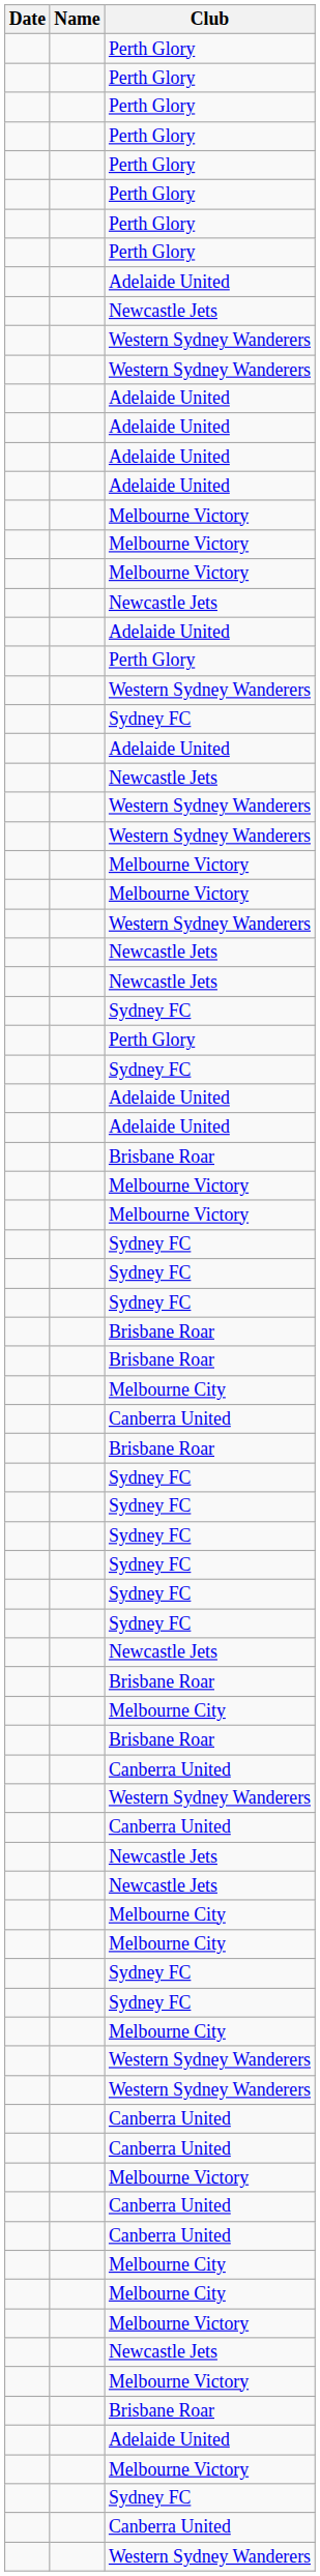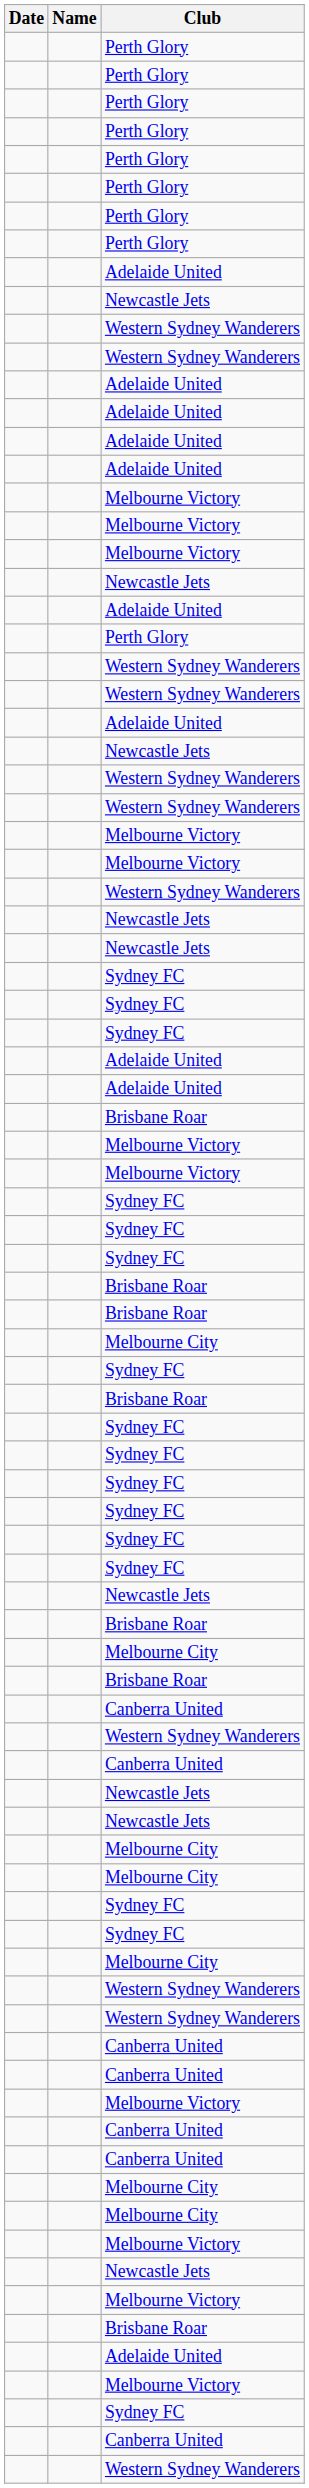 <table class="wikitable sortable">
 <tr>
 <th>Date</th>
 <th>Name</th>
 <th>Club</th>
 </tr>
 <tr>
 <td></td>
 <td></td>
 <td><a href='#'>Perth Glory</a></td>
 </tr>
 <tr>
 <td></td>
 <td></td>
 <td><a href='#'>Perth Glory</a></td>
 </tr>
 <tr>
 <td></td>
 <td></td>
 <td><a href='#'>Perth Glory</a></td>
 </tr>
 <tr>
 <td></td>
 <td></td>
 <td><a href='#'>Perth Glory</a></td>
 </tr>
 <tr>
 <td></td>
 <td></td>
 <td><a href='#'>Perth Glory</a></td>
 </tr>
 <tr>
 <td></td>
 <td></td>
 <td><a href='#'>Perth Glory</a></td>
 </tr>
 <tr>
 <td></td>
 <td></td>
 <td><a href='#'>Perth Glory</a></td>
 </tr>
 <tr>
 <td></td>
 <td></td>
 <td><a href='#'>Perth Glory</a></td>
 </tr>
 <tr>
 <td></td>
 <td></td>
 <td><a href='#'>Adelaide United</a></td>
 </tr>
 <tr>
 <td></td>
 <td></td>
 <td><a href='#'>Newcastle Jets</a></td>
 </tr>
 <tr>
 <td></td>
 <td></td>
 <td><a href='#'>Western Sydney Wanderers</a></td>
 </tr>
 <tr>
 <td></td>
 <td></td>
 <td><a href='#'>Western Sydney Wanderers</a></td>
 </tr>
 <tr>
 <td></td>
 <td></td>
 <td><a href='#'>Adelaide United</a></td>
 </tr>
 <tr>
 <td></td>
 <td></td>
 <td><a href='#'>Adelaide United</a></td>
 </tr>
 <tr>
 <td></td>
 <td></td>
 <td><a href='#'>Adelaide United</a></td>
 </tr>
 <tr>
 <td></td>
 <td></td>
 <td><a href='#'>Adelaide United</a></td>
 </tr>
 <tr>
 <td></td>
 <td></td>
 <td><a href='#'>Melbourne Victory</a></td>
 </tr>
 <tr>
 <td></td>
 <td></td>
 <td><a href='#'>Melbourne Victory</a></td>
 </tr>
 <tr>
 <td></td>
 <td></td>
 <td><a href='#'>Melbourne Victory</a></td>
 </tr>
 <tr>
 <td></td>
 <td></td>
 <td><a href='#'>Newcastle Jets</a></td>
 </tr>
 <tr>
 <td></td>
 <td></td>
 <td><a href='#'>Adelaide United</a></td>
 </tr>
 <tr>
 <td></td>
 <td></td>
 <td><a href='#'>Perth Glory</a></td>
 </tr>
 <tr>
 <td></td>
 <td></td>
 <td><a href='#'>Western Sydney Wanderers</a></td>
 </tr>
 <tr>
 <td></td>
 <td></td>
-<td><a href='#'>Sydney FC</a></td>
+<td><a href='#'>Western Sydney Wanderers</a></td>
 </tr>
 <tr>
 <td></td>
 <td></td>
 <td><a href='#'>Adelaide United</a></td>
 </tr>
 <tr>
 <td></td>
 <td></td>
 <td><a href='#'>Newcastle Jets</a></td>
 </tr>
 <tr>
 <td></td>
 <td></td>
 <td><a href='#'>Western Sydney Wanderers</a></td>
 </tr>
 <tr>
 <td></td>
 <td></td>
 <td><a href='#'>Western Sydney Wanderers</a></td>
 </tr>
 <tr>
 <td></td>
 <td></td>
 <td><a href='#'>Melbourne Victory</a></td>
 </tr>
 <tr>
 <td></td>
 <td></td>
 <td><a href='#'>Melbourne Victory</a></td>
 </tr>
 <tr>
 <td></td>
 <td></td>
 <td><a href='#'>Western Sydney Wanderers</a></td>
 </tr>
 <tr>
 <td></td>
 <td></td>
 <td><a href='#'>Newcastle Jets</a></td>
 </tr>
 <tr>
 <td></td>
 <td></td>
 <td><a href='#'>Newcastle Jets</a></td>
 </tr>
 <tr>
 <td></td>
 <td></td>
 <td><a href='#'>Sydney FC</a></td>
 </tr>
 <tr>
 <td></td>
 <td></td>
-<td><a href='#'>Perth Glory</a></td>
+<td><a href='#'>Sydney FC</a></td>
 </tr>
 <tr>
 <td></td>
 <td></td>
 <td><a href='#'>Sydney FC</a></td>
 </tr>
 <tr>
 <td></td>
 <td></td>
 <td><a href='#'>Adelaide United</a></td>
 </tr>
 <tr>
 <td></td>
 <td></td>
 <td><a href='#'>Adelaide United</a></td>
 </tr>
 <tr>
 <td></td>
 <td></td>
 <td><a href='#'>Brisbane Roar</a></td>
 </tr>
 <tr>
 <td></td>
 <td></td>
 <td><a href='#'>Melbourne Victory</a></td>
 </tr>
 <tr>
 <td></td>
 <td></td>
 <td><a href='#'>Melbourne Victory</a></td>
 </tr>
 <tr>
 <td></td>
 <td></td>
 <td><a href='#'>Sydney FC</a></td>
 </tr>
 <tr>
 <td></td>
 <td></td>
 <td><a href='#'>Sydney FC</a></td>
 </tr>
 <tr>
 <td></td>
 <td></td>
 <td><a href='#'>Sydney FC</a></td>
 </tr>
 <tr>
 <td></td>
 <td></td>
 <td><a href='#'>Brisbane Roar</a></td>
 </tr>
 <tr>
 <td></td>
 <td></td>
 <td><a href='#'>Brisbane Roar</a></td>
 </tr>
 <tr>
 <td></td>
 <td></td>
 <td><a href='#'>Melbourne City</a></td>
 </tr>
 <tr>
 <td></td>
 <td></td>
-<td><a href='#'>Canberra United</a></td>
+<td><a href='#'>Sydney FC</a></td>
 </tr>
 <tr>
 <td></td>
 <td></td>
 <td><a href='#'>Brisbane Roar</a></td>
 </tr>
 <tr>
 <td></td>
 <td></td>
 <td><a href='#'>Sydney FC</a></td>
 </tr>
 <tr>
 <td></td>
 <td></td>
 <td><a href='#'>Sydney FC</a></td>
 </tr>
 <tr>
 <td></td>
 <td></td>
 <td><a href='#'>Sydney FC</a></td>
 </tr>
 <tr>
 <td></td>
 <td></td>
 <td><a href='#'>Sydney FC</a></td>
 </tr>
 <tr>
 <td></td>
 <td></td>
 <td><a href='#'>Sydney FC</a></td>
 </tr>
 <tr>
 <td></td>
 <td></td>
 <td><a href='#'>Sydney FC</a></td>
 </tr>
 <tr>
 <td></td>
 <td></td>
 <td><a href='#'>Newcastle Jets</a></td>
 </tr>
 <tr>
 <td></td>
 <td></td>
 <td><a href='#'>Brisbane Roar</a></td>
 </tr>
 <tr>
 <td></td>
 <td></td>
 <td><a href='#'>Melbourne City</a></td>
 </tr>
 <tr>
 <td></td>
 <td></td>
 <td><a href='#'>Brisbane Roar</a></td>
 </tr>
 <tr>
 <td></td>
 <td></td>
 <td><a href='#'>Canberra United</a></td>
 </tr>
 <tr>
 <td></td>
 <td></td>
 <td><a href='#'>Western Sydney Wanderers</a></td>
 </tr>
 <tr>
 <td></td>
 <td></td>
 <td><a href='#'>Canberra United</a></td>
 </tr>
 <tr>
 <td></td>
 <td></td>
 <td><a href='#'>Newcastle Jets</a></td>
 </tr>
 <tr>
 <td></td>
 <td></td>
 <td><a href='#'>Newcastle Jets</a></td>
 </tr>
 <tr>
 <td></td>
 <td></td>
 <td><a href='#'>Melbourne City</a></td>
 </tr>
 <tr>
 <td></td>
 <td></td>
 <td><a href='#'>Melbourne City</a></td>
 </tr>
 <tr>
 <td></td>
 <td></td>
 <td><a href='#'>Sydney FC</a></td>
 </tr>
 <tr>
 <td></td>
 <td></td>
 <td><a href='#'>Sydney FC</a></td>
 </tr>
 <tr>
 <td></td>
 <td></td>
 <td><a href='#'>Melbourne City</a></td>
 </tr>
 <tr>
 <td></td>
 <td></td>
 <td><a href='#'>Western Sydney Wanderers</a></td>
 </tr>
 <tr>
 <td></td>
 <td></td>
 <td><a href='#'>Western Sydney Wanderers</a></td>
 </tr>
 <tr>
 <td></td>
 <td></td>
 <td><a href='#'>Canberra United</a></td>
 </tr>
 <tr>
 <td></td>
 <td></td>
 <td><a href='#'>Canberra United</a></td>
 </tr>
 <tr>
 <td></td>
 <td></td>
 <td><a href='#'>Melbourne Victory</a></td>
 </tr>
 <tr>
 <td></td>
 <td></td>
 <td><a href='#'>Canberra United</a></td>
 </tr>
 <tr>
 <td></td>
 <td></td>
 <td><a href='#'>Canberra United</a></td>
 </tr>
 <tr>
 <td></td>
 <td></td>
 <td><a href='#'>Melbourne City</a></td>
 </tr>
 <tr>
 <td></td>
 <td></td>
 <td><a href='#'>Melbourne City</a></td>
 </tr>
 <tr>
 <td></td>
 <td></td>
 <td><a href='#'>Melbourne Victory</a></td>
 </tr>
 <tr>
 <td></td>
 <td></td>
 <td><a href='#'>Newcastle Jets</a></td>
 </tr>
 <tr>
 <td></td>
 <td></td>
 <td><a href='#'>Melbourne Victory</a></td>
 </tr>
 <tr>
 <td></td>
 <td></td>
 <td><a href='#'>Brisbane Roar</a></td>
 </tr>
 <tr>
 <td></td>
 <td></td>
 <td><a href='#'>Adelaide United</a></td>
 </tr>
 <tr>
 <td></td>
 <td></td>
 <td><a href='#'>Melbourne Victory</a></td>
 </tr>
 <tr>
 <td></td>
 <td></td>
 <td><a href='#'>Sydney FC</a></td>
 </tr>
 <tr>
 <td></td>
 <td></td>
 <td><a href='#'>Canberra United</a></td>
 </tr>
 <tr>
 <td></td>
 <td></td>
 <td><a href='#'>Western Sydney Wanderers</a></td>
 </tr>
 </table>
